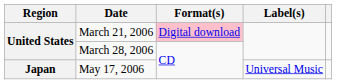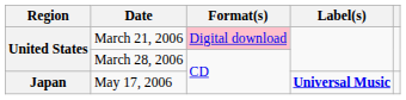 <table class="wikitable plainrowheaders">
 <tr>
 <th scope="col">Region</th>
 <th scope="col">Date</th>
 <th scope="col">Format(s)</th>
 <th scope="col">Label(s)</th>
 <th scope="col"></th>
 </tr>
 <tr>
 <th scope="row" rowspan="2">United States</th>
 <td>March 21, 2006</td>
 <td style="background: pink;"><a href='#'>Digital download</a></td>
 <td rowspan="2"></td>
 <td rowspan="2"></td>
 </tr>
 <tr>
 <td>March 28, 2006</td>
 <td rowspan="2"><a href='#'>CD</a></td>
 </tr>
 <tr>
 <th scope="row">Japan</th>
 <td>May 17, 2006</td>
-<td><a href='#'>Universal Music</a></td>
+<td><strong><a href='#'>Universal Music</a></strong></td>
 <td></td>
 </tr>
 </table>
